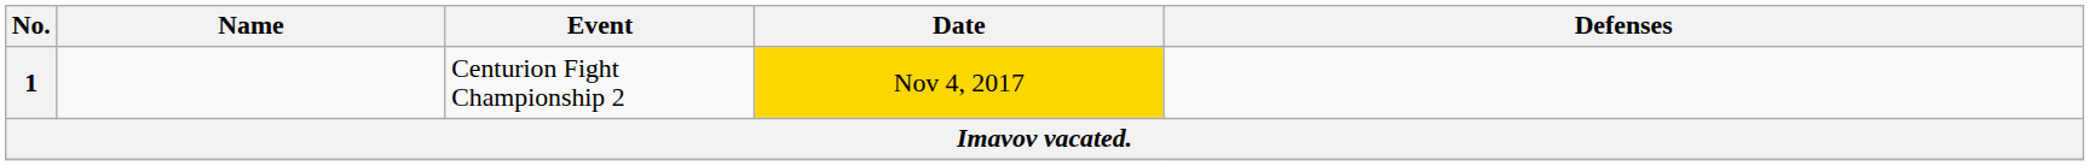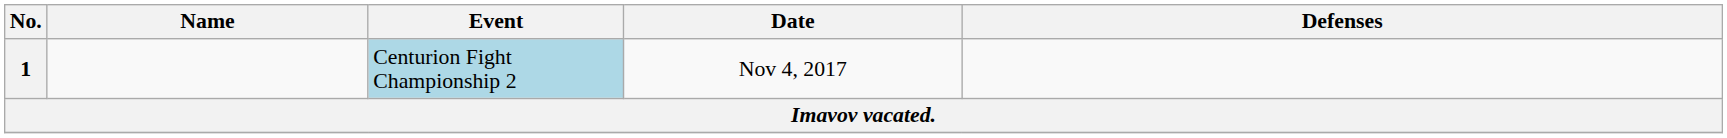 <table class="wikitable" width=100%>
 <tr>
 <th width=1%>No.</th>
 <th width=19%>Name</th>
 <th width=15%>Event</th>
 <th width=20%>Date</th>
 <th width=45%>Defenses</th>
 </tr>
 <tr>
 <th>1</th>
 <td> <br></td>
-<td>Centurion Fight Championship 2 <br></td>
-<td align=center style="background: gold;">Nov 4, 2017</td>
+<td style="background: lightblue;">Centurion Fight Championship 2 <br></td>
+<td align=center>Nov 4, 2017</td>
 <td></td>
 </tr>
 <tr>
 <th colspan=6 align=center><em>Imavov vacated.</em></th>
 </tr>
 <tr>
 </tr>
 </table>
